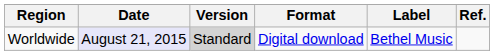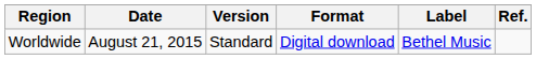 <table class="wikitable plainrowheaders">
 <tr>
 </tr>
 <tr>
 <th scope="col">Region</th>
 <th scope="col">Date</th>
 <th scope="col">Version</th>
 <th scope="col">Format</th>
 <th scope="col">Label</th>
 <th scope="col">Ref.</th>
 </tr>
 <tr>
 <td>Worldwide</td>
-<td style="background: lavender;">August 21, 2015</td>
-<td style="background: lightgrey;">Standard</td>
+<td>August 21, 2015</td>
+<td>Standard</td>
 <td><a href='#'>Digital download</a></td>
 <td><a href='#'>Bethel Music</a></td>
 <td></td>
 </tr>
 </table>
